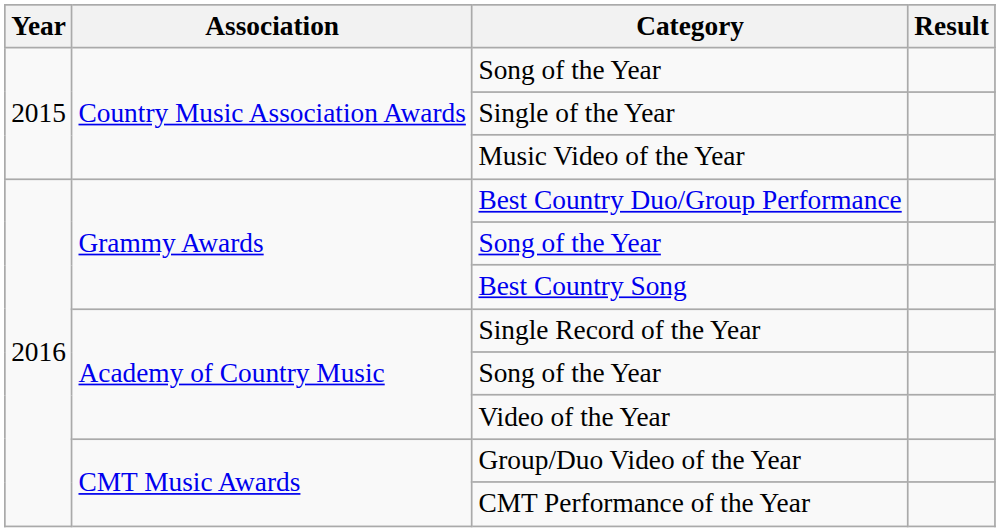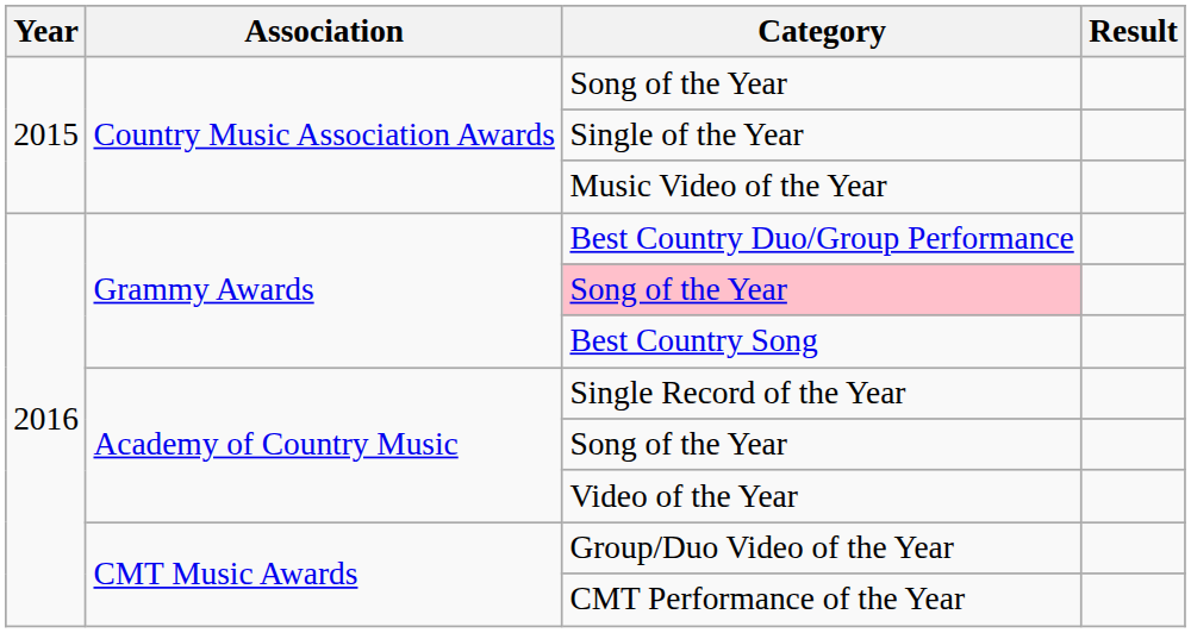 <table class="wikitable">
 <tr>
 <th>Year</th>
 <th>Association</th>
 <th>Category</th>
 <th>Result</th>
 </tr>
 <tr>
 <td rowspan="3">2015</td>
 <td rowspan="3"><a href='#'>Country Music Association Awards</a></td>
 <td>Song of the Year</td>
 <td></td>
 </tr>
 <tr>
 <td>Single of the Year</td>
 <td></td>
 </tr>
 <tr>
 <td>Music Video of the Year</td>
 <td></td>
 </tr>
 <tr>
 <td rowspan="8">2016</td>
 <td rowspan="3"><a href='#'>Grammy Awards</a></td>
 <td><a href='#'>Best Country Duo/Group Performance</a></td>
 <td></td>
 </tr>
 <tr>
-<td><a href='#'>Song of the Year</a></td>
+<td style="background: pink;"><a href='#'>Song of the Year</a></td>
 <td></td>
 </tr>
 <tr>
 <td><a href='#'>Best Country Song</a></td>
 <td></td>
 </tr>
 <tr>
 <td rowspan="3"><a href='#'>Academy of Country Music</a></td>
 <td>Single Record of the Year</td>
 <td></td>
 </tr>
 <tr>
 <td>Song of the Year</td>
 <td></td>
 </tr>
 <tr>
 <td>Video of the Year</td>
 <td></td>
 </tr>
 <tr>
 <td rowspan="2"><a href='#'>CMT Music Awards</a></td>
 <td>Group/Duo Video of the Year </td>
 <td></td>
 </tr>
 <tr>
 <td>CMT Performance of the Year </td>
 <td></td>
 </tr>
 </table>
